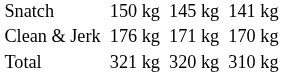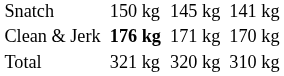 <table>
 <tr>
 <td>Snatch</td>
 <td></td>
 <td>150 kg</td>
 <td></td>
 <td>145 kg</td>
 <td></td>
 <td>141 kg</td>
 </tr>
 <tr>
 <td>Clean & Jerk</td>
 <td></td>
-<td>176 kg</td>
+<td><strong>176 kg</strong></td>
 <td></td>
 <td>171 kg</td>
 <td></td>
 <td>170 kg</td>
 </tr>
 <tr>
 <td>Total</td>
 <td></td>
 <td>321 kg</td>
 <td></td>
 <td>320 kg</td>
 <td></td>
 <td>310 kg</td>
 </tr>
 </table>
